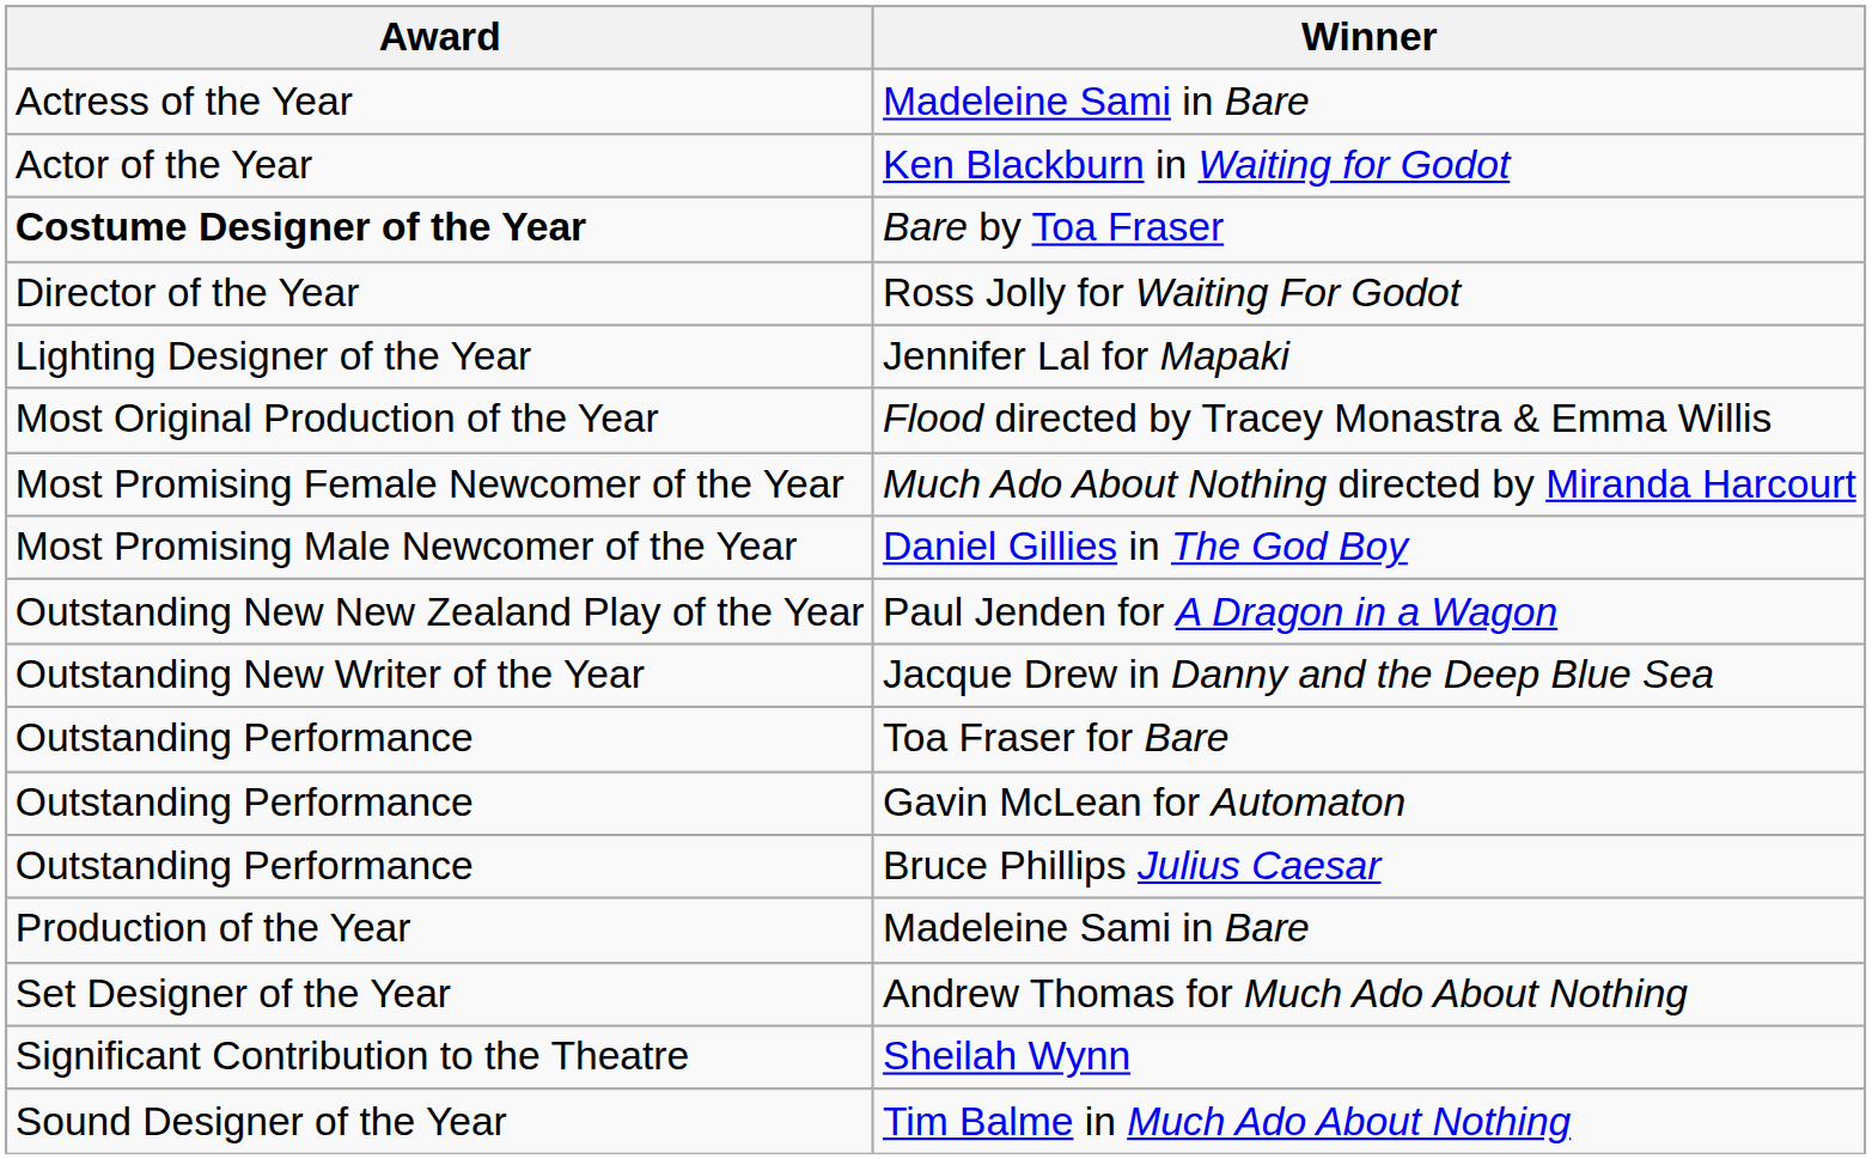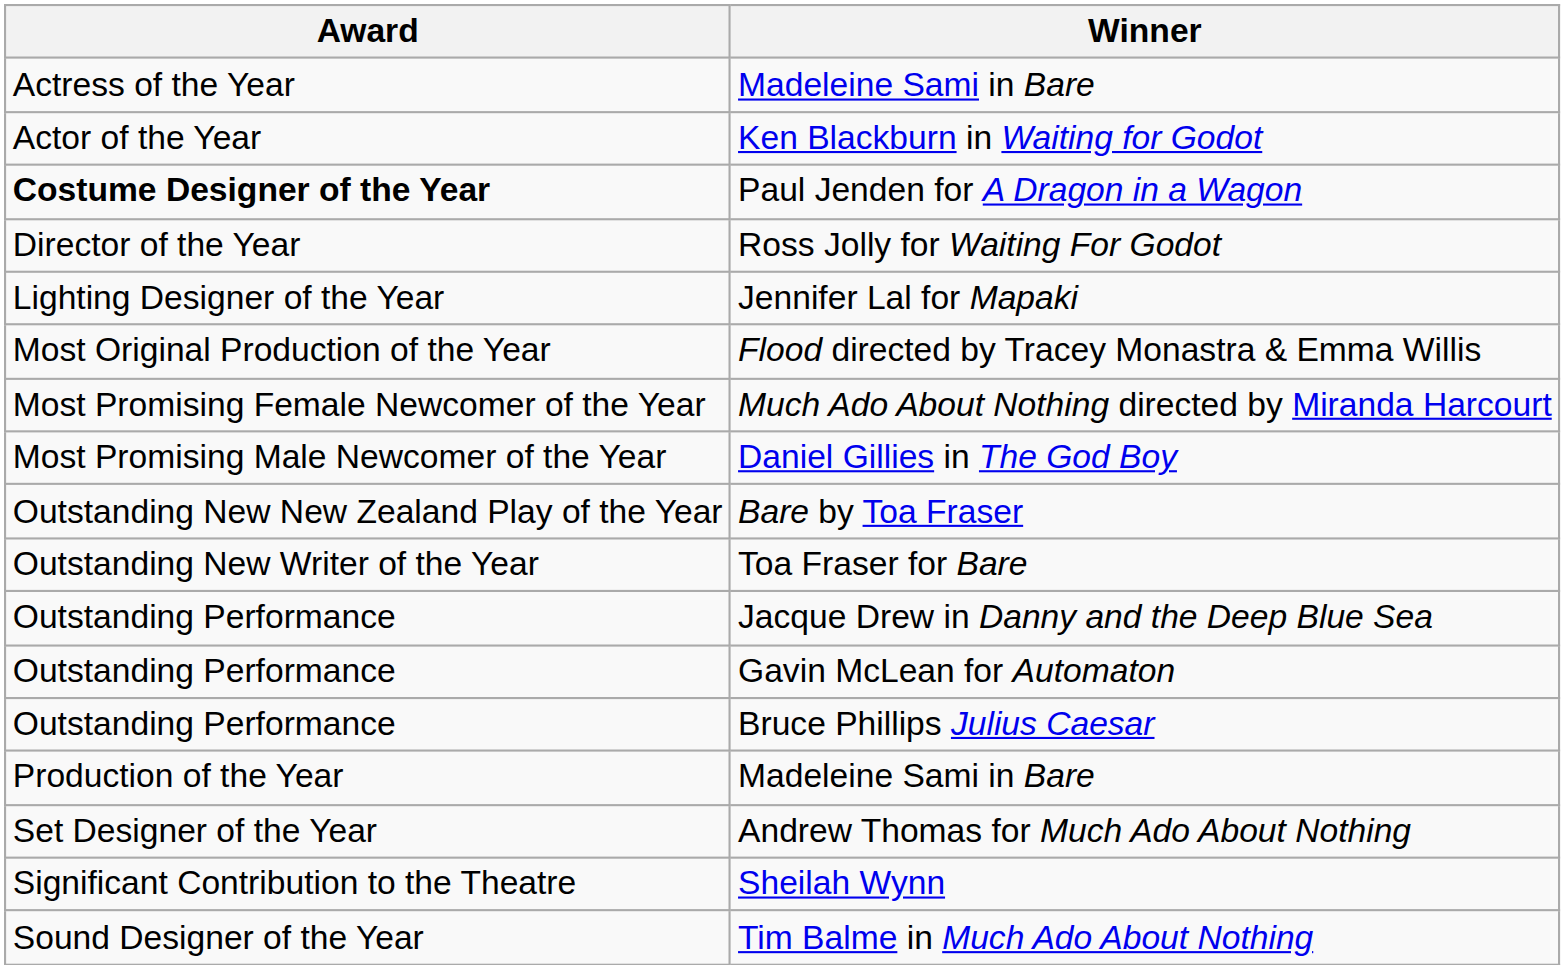 <table class="wikitable sortable">
 <tr>
 <th>Award</th>
 <th>Winner</th>
 </tr>
 <tr>
 <td>Actress of the Year</td>
 <td><a href='#'>Madeleine Sami</a> in <em>Bare</em></td>
 </tr>
 <tr>
 <td>Actor of the Year</td>
 <td><a href='#'>Ken Blackburn</a> in <em><a href='#'>Waiting for Godot</a></em></td>
 </tr>
 <tr>
 <td><strong>Costume Designer of the Year</strong></td>
-<td><em>Bare</em> by <a href='#'>Toa Fraser</a></td>
+<td>Paul Jenden for <em><a href='#'>A Dragon in a Wagon</a></em></td>
 </tr>
 <tr>
 <td>Director of the Year</td>
 <td>Ross Jolly for <em>Waiting For Godot</em></td>
 </tr>
 <tr>
 <td>Lighting Designer of the Year</td>
 <td>Jennifer Lal for <em>Mapaki</em></td>
 </tr>
 <tr>
 <td>Most Original Production of the Year</td>
 <td><em>Flood</em> directed by Tracey Monastra & Emma Willis</td>
 </tr>
 <tr>
 <td>Most Promising Female Newcomer of the Year</td>
 <td><em>Much Ado About Nothing</em> directed by <a href='#'>Miranda Harcourt</a></td>
 </tr>
 <tr>
 <td>Most Promising Male Newcomer of the Year</td>
 <td><a href='#'>Daniel Gillies</a> in <em><a href='#'>The God Boy</a></em></td>
 </tr>
 <tr>
 <td>Outstanding New New Zealand Play of the Year</td>
-<td>Paul Jenden for <em><a href='#'>A Dragon in a Wagon</a></em></td>
+<td><em>Bare</em> by <a href='#'>Toa Fraser</a></td>
 </tr>
 <tr>
 <td>Outstanding New Writer of the Year</td>
-<td>Jacque Drew in <em>Danny and the Deep Blue Sea</em></td>
+<td>Toa Fraser for <em>Bare</em></td>
 </tr>
 <tr>
 <td>Outstanding Performance</td>
-<td>Toa Fraser for <em>Bare</em></td>
+<td>Jacque Drew in <em>Danny and the Deep Blue Sea</em></td>
 </tr>
 <tr>
 <td>Outstanding Performance</td>
 <td>Gavin McLean for <em>Automaton</em></td>
 </tr>
 <tr>
 <td>Outstanding Performance</td>
 <td>Bruce Phillips <em><a href='#'>Julius Caesar</a></em></td>
 </tr>
 <tr>
 <td>Production of the Year</td>
 <td>Madeleine Sami in <em>Bare</em></td>
 </tr>
 <tr>
 <td>Set Designer of the Year</td>
 <td>Andrew Thomas for <em>Much Ado About Nothing</em></td>
 </tr>
 <tr>
 <td>Significant Contribution to the Theatre</td>
 <td><a href='#'>Sheilah Wynn</a></td>
 </tr>
 <tr>
 <td>Sound Designer of the Year</td>
 <td><a href='#'>Tim Balme</a> in <em><a href='#'>Much Ado About Nothing</a></em></td>
 </tr>
 </table>
